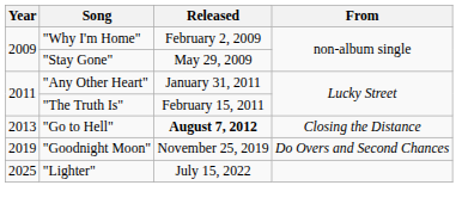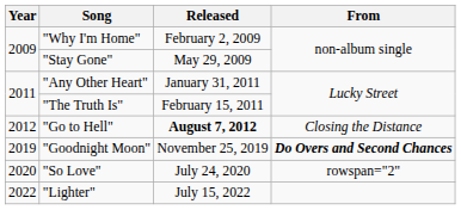 <table class="wikitable" style="text-align:center;">
 <tr>
 <th>Year</th>
 <th>Song</th>
 <th>Released</th>
 <th>From</th>
 </tr>
 <tr>
 <td rowspan="2">2009</td>
 <td style="text-align:left;">"Why I'm Home"</td>
 <td>February 2, 2009</td>
 <td rowspan="2">non-album single</td>
 </tr>
 <tr>
 <td style="text-align:left;">"Stay Gone"</td>
 <td>May 29, 2009</td>
 </tr>
 <tr>
 <td rowspan="2">2011</td>
 <td style="text-align:left;">"Any Other Heart"</td>
 <td>January 31, 2011</td>
 <td rowspan="2"><em>Lucky Street</em></td>
 </tr>
 <tr>
 <td style="text-align:left;">"The Truth Is"</td>
 <td>February 15, 2011</td>
 </tr>
 <tr>
-<td>2013</td>
+<td>2012</td>
 <td style="text-align:left;">"Go to Hell"</td>
 <td><strong>August 7, 2012</strong></td>
 <td><em>Closing the Distance</em></td>
 </tr>
 <tr>
 <td>2019</td>
 <td style="text-align:left;">"Goodnight Moon"</td>
 <td>November 25, 2019</td>
-<td><em>Do Overs and Second Chances</em></td>
+<td><strong><em>Do Overs and Second Chances</em></strong></td>
 </tr>
 <tr>
-<td>2025</td>
+<td>2020</td>
+<td style="text-align:left;">"So Love"</td>
+<td>July 24, 2020</td>
+<td>rowspan="2" </td>
+</tr>
+<tr>
+<td>2022</td>
 <td style="text-align:left;">"Lighter"</td>
 <td>July 15, 2022</td>
 </tr>
 </table>
